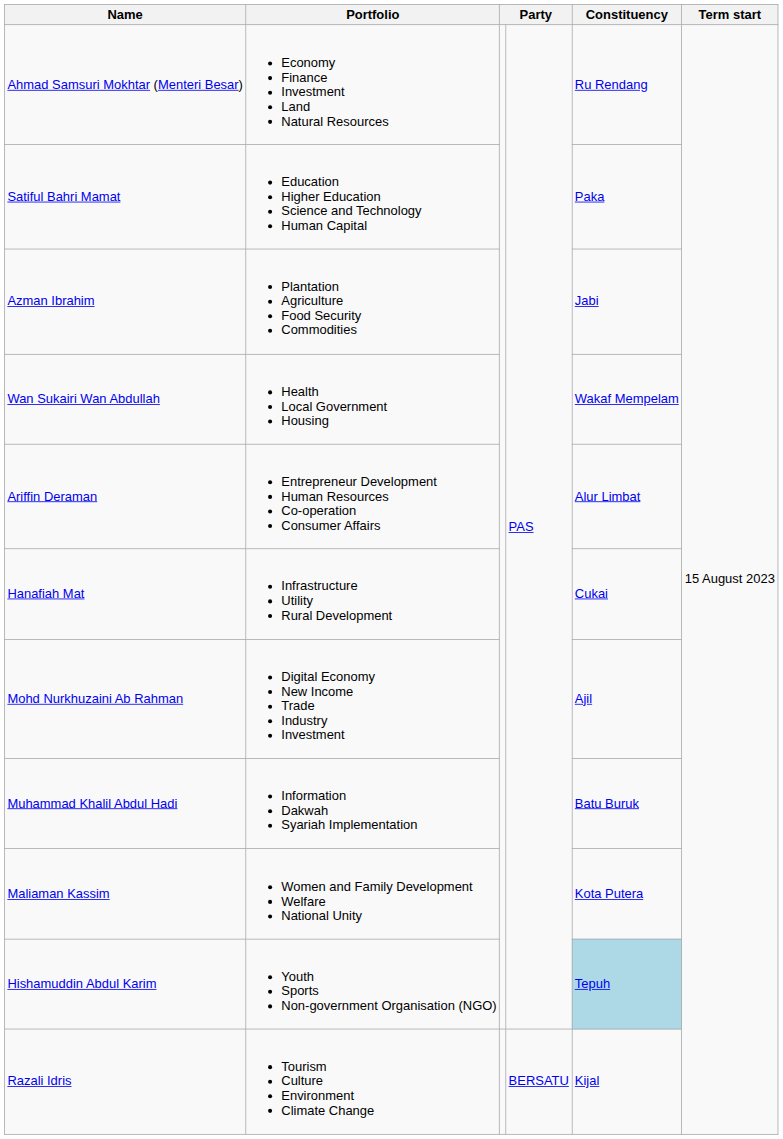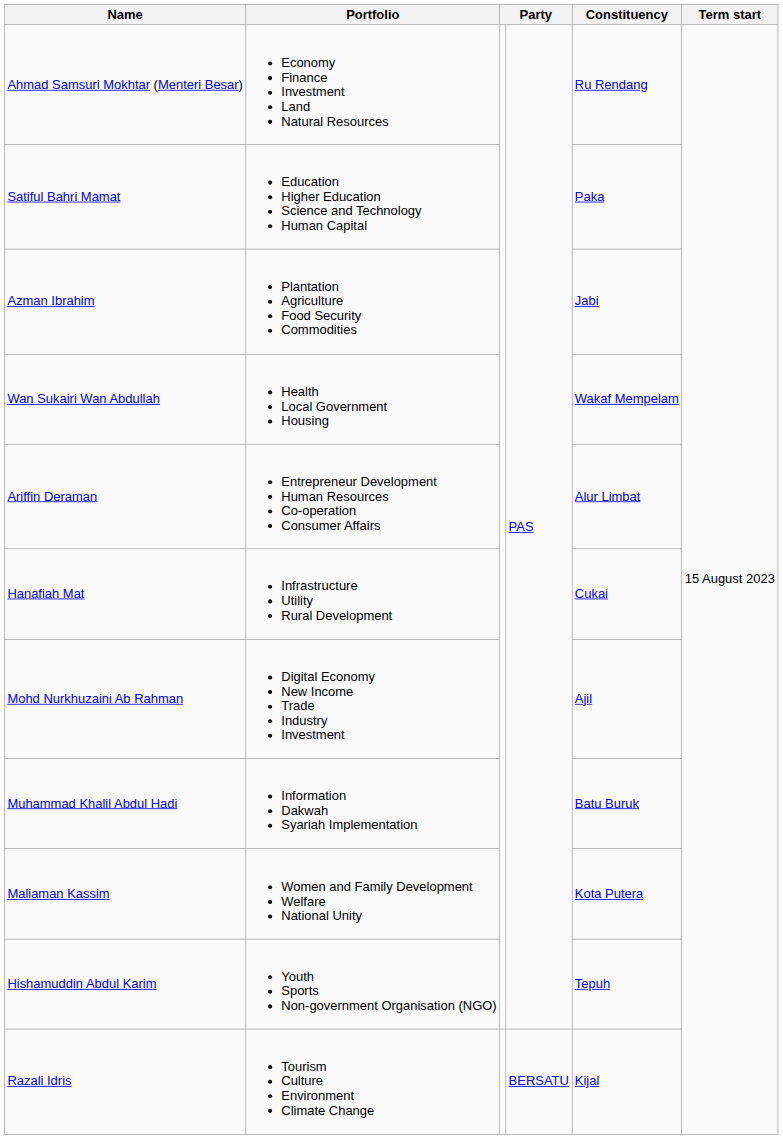 <table class="wikitable">
 <tr>
 <th>Name</th>
 <th>Portfolio</th>
 <th colspan=2>Party</th>
 <th>Constituency</th>
 <th>Term start</th>
 </tr>
 <tr>
 <td><a href='#'>Ahmad Samsuri Mokhtar</a> (<a href='#'>Menteri Besar</a>)</td>
 <td><br><ul><li>Economy</li><li>Finance</li><li>Investment</li><li>Land</li><li>Natural Resources</li></ul></td>
 <td rowspan=10 bgcolor=></td>
 <td rowspan=10><a href='#'>PAS</a></td>
 <td><a href='#'>Ru Rendang</a></td>
 <td rowspan=11>15 August 2023</td>
 </tr>
 <tr>
 <td><a href='#'>Satiful Bahri Mamat</a></td>
 <td><br><ul><li>Education</li><li>Higher Education</li><li>Science and Technology</li><li>Human Capital</li></ul></td>
 <td><a href='#'>Paka</a></td>
 </tr>
 <tr>
 <td><a href='#'>Azman Ibrahim</a></td>
 <td><br><ul><li>Plantation</li><li>Agriculture</li><li>Food Security</li><li>Commodities</li></ul></td>
 <td><a href='#'>Jabi</a></td>
 </tr>
 <tr>
 <td><a href='#'>Wan Sukairi Wan Abdullah</a></td>
 <td><br><ul><li>Health</li><li>Local Government</li><li>Housing</li></ul></td>
 <td><a href='#'>Wakaf Mempelam</a></td>
 </tr>
 <tr>
 <td><a href='#'>Ariffin Deraman</a></td>
 <td><br><ul><li>Entrepreneur Development</li><li>Human Resources</li><li>Co-operation</li><li>Consumer Affairs</li></ul></td>
 <td><a href='#'>Alur Limbat</a></td>
 </tr>
 <tr>
 <td><a href='#'>Hanafiah Mat</a></td>
 <td><br><ul><li>Infrastructure</li><li>Utility</li><li>Rural Development</li></ul></td>
 <td><a href='#'>Cukai</a></td>
 </tr>
 <tr>
 <td><a href='#'>Mohd Nurkhuzaini Ab Rahman</a></td>
 <td><br><ul><li>Digital Economy</li><li>New Income</li><li>Trade</li><li>Industry</li><li>Investment</li></ul></td>
 <td><a href='#'>Ajil</a></td>
 </tr>
 <tr>
 <td><a href='#'>Muhammad Khalil Abdul Hadi</a></td>
 <td><br><ul><li>Information</li><li>Dakwah</li><li>Syariah Implementation</li></ul></td>
 <td><a href='#'>Batu Buruk</a></td>
 </tr>
 <tr>
 <td><a href='#'>Maliaman Kassim</a></td>
 <td><br><ul><li>Women and Family Development</li><li>Welfare</li><li>National Unity</li></ul></td>
 <td><a href='#'>Kota Putera</a></td>
 </tr>
 <tr>
 <td><a href='#'>Hishamuddin Abdul Karim</a></td>
 <td><br><ul><li>Youth</li><li>Sports</li><li>Non-government Organisation (NGO)</li></ul></td>
-<td style="background: lightblue;"><a href='#'>Tepuh</a></td>
+<td><a href='#'>Tepuh</a></td>
 </tr>
 <tr>
 <td><a href='#'>Razali Idris</a></td>
 <td><br><ul><li>Tourism</li><li>Culture</li><li>Environment</li><li>Climate Change</li></ul></td>
 <td bgcolor=></td>
 <td><a href='#'>BERSATU</a></td>
 <td><a href='#'>Kijal</a></td>
 </tr>
 </table>
